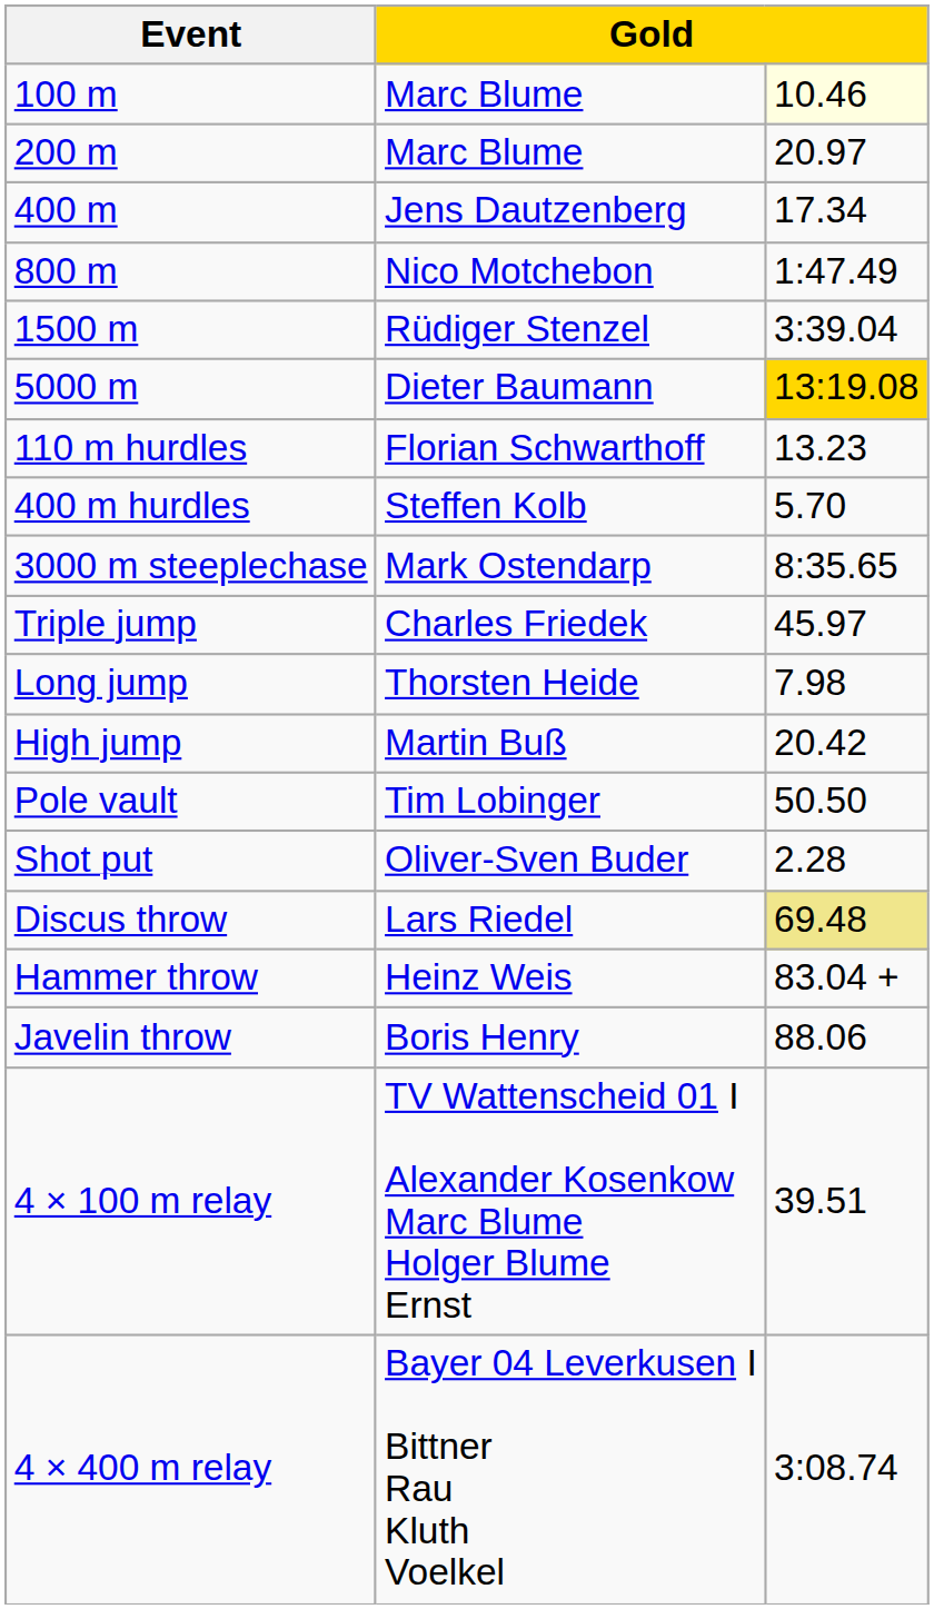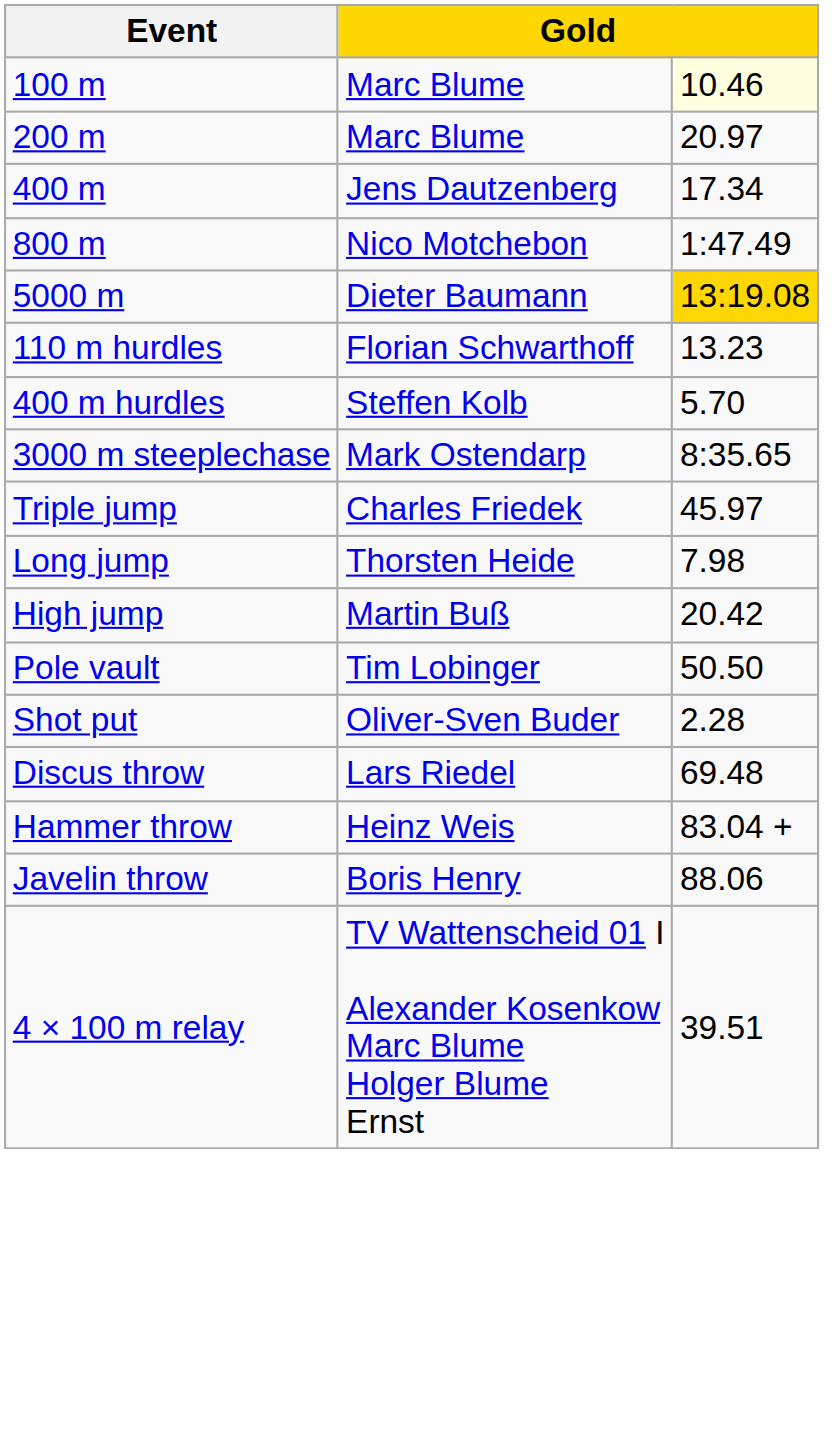 <table class="wikitable">
 <tr>
 <th>Event</th>
 <th style="background:gold;" colspan=2>Gold</th>
 </tr>
 <tr>
 <td><a href='#'>100 m</a></td>
 <td><a href='#'>Marc Blume</a></td>
 <td style="background: lightyellow;">10.46</td>
 </tr>
 <tr>
 <td><a href='#'>200 m</a></td>
 <td><a href='#'>Marc Blume</a></td>
 <td>20.97</td>
 </tr>
 <tr>
 <td><a href='#'>400 m</a></td>
 <td><a href='#'>Jens Dautzenberg</a></td>
 <td>17.34 </td>
 </tr>
 <tr>
 <td><a href='#'>800 m</a></td>
 <td><a href='#'>Nico Motchebon</a></td>
 <td>1:47.49</td>
-</tr>
-<tr>
-<td><a href='#'>1500 m</a></td>
-<td><a href='#'>Rüdiger Stenzel</a></td>
-<td>3:39.04</td>
 </tr>
 <tr>
 <td><a href='#'>5000 m</a></td>
 <td><a href='#'>Dieter Baumann</a></td>
 <td style="background: gold;">13:19.08 </td>
 </tr>
 <tr>
 <td><a href='#'>110 m hurdles</a></td>
 <td><a href='#'>Florian Schwarthoff</a></td>
 <td>13.23</td>
 </tr>
 <tr>
 <td><a href='#'>400 m hurdles</a></td>
 <td><a href='#'>Steffen Kolb</a></td>
 <td>5.70</td>
 </tr>
 <tr>
 <td><a href='#'>3000 m steeplechase</a></td>
 <td><a href='#'>Mark Ostendarp</a></td>
 <td>8:35.65</td>
 </tr>
 <tr>
 <td><a href='#'>Triple jump</a></td>
 <td><a href='#'>Charles Friedek</a></td>
 <td>45.97</td>
 </tr>
 <tr>
 <td><a href='#'>Long jump</a></td>
 <td><a href='#'>Thorsten Heide</a></td>
 <td>7.98</td>
 </tr>
 <tr>
 <td><a href='#'>High jump</a></td>
 <td><a href='#'>Martin Buß</a></td>
 <td>20.42</td>
 </tr>
 <tr>
 <td><a href='#'>Pole vault</a></td>
 <td><a href='#'>Tim Lobinger</a></td>
 <td>50.50</td>
 </tr>
 <tr>
 <td><a href='#'>Shot put</a></td>
 <td><a href='#'>Oliver-Sven Buder</a></td>
 <td>2.28</td>
 </tr>
 <tr>
 <td><a href='#'>Discus throw</a></td>
 <td><a href='#'>Lars Riedel</a></td>
-<td style="background: khaki;">69.48 </td>
+<td>69.48 </td>
 </tr>
 <tr>
 <td><a href='#'>Hammer throw</a></td>
 <td><a href='#'>Heinz Weis</a></td>
 <td>83.04  + </td>
 </tr>
 <tr>
 <td><a href='#'>Javelin throw</a></td>
 <td><a href='#'>Boris Henry</a></td>
 <td>88.06</td>
 </tr>
 <tr>
 <td><a href='#'>4 × 100 m relay</a></td>
 <td><a href='#'>TV Wattenscheid 01</a> I <br><br><a href='#'>Alexander Kosenkow</a> <br> <a href='#'>Marc Blume</a> <br> <a href='#'>Holger Blume</a> <br> Ernst</td>
 <td>39.51</td>
 </tr>
-<tr>
-<td><a href='#'>4 × 400 m relay</a></td>
-<td><a href='#'>Bayer 04 Leverkusen</a> I <br><br>Bittner <br> Rau <br> Kluth <br> Voelkel</td>
-<td>3:08.74</td>
-</tr>
 </table>
